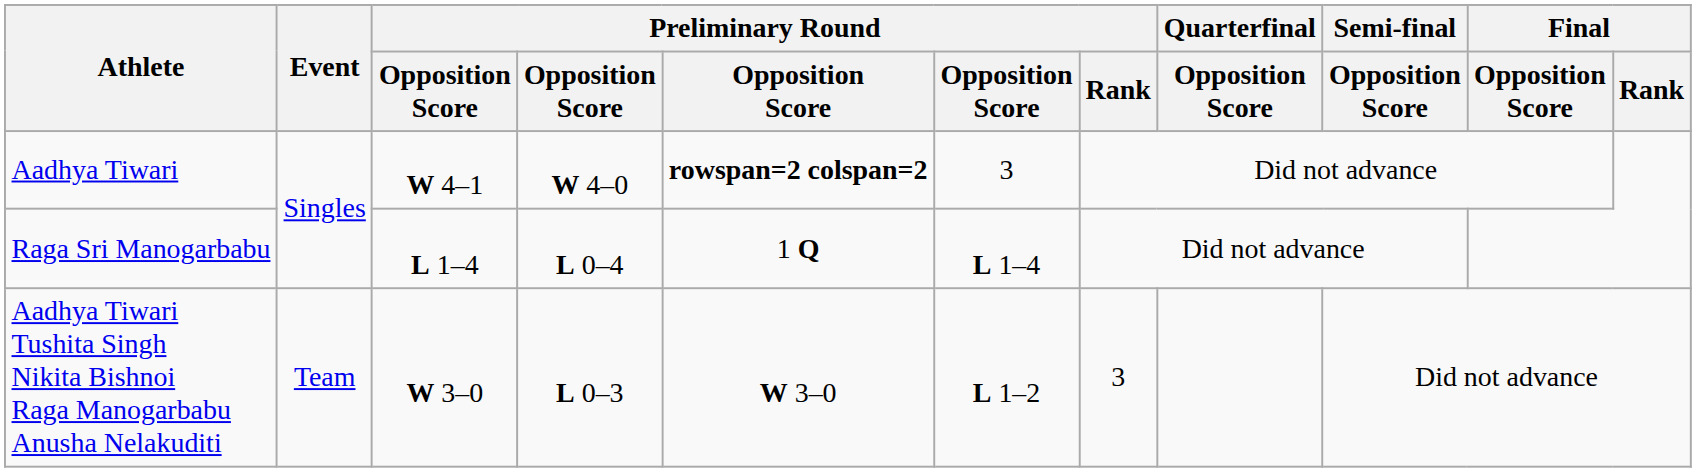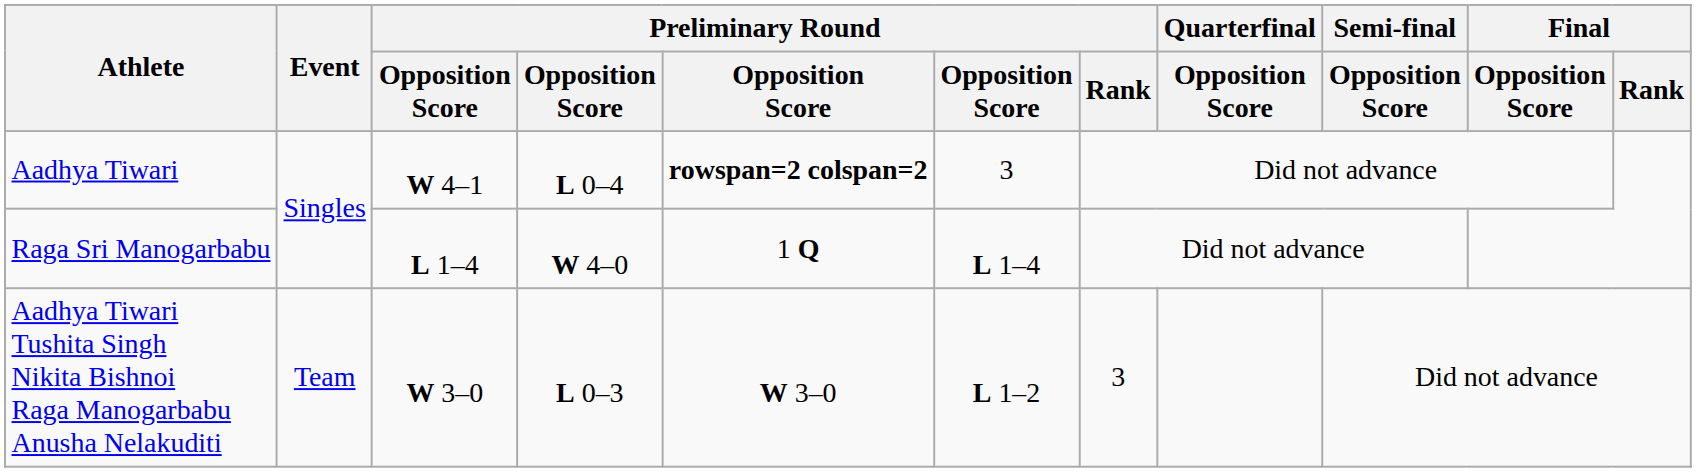 <table class=wikitable style=font-size:90%;text-align:center>
 <tr>
 <th rowspan="2">Athlete</th>
 <th rowspan="2">Event</th>
 <th colspan="5">Preliminary Round</th>
 <th>Quarterfinal</th>
 <th>Semi-final</th>
 <th colspan="2">Final</th>
 </tr>
 <tr>
 <th>Opposition<br>Score</th>
 <th>Opposition<br>Score</th>
 <th>Opposition<br>Score</th>
 <th>Opposition<br>Score</th>
 <th>Rank</th>
 <th>Opposition<br>Score</th>
 <th>Opposition<br>Score</th>
 <th>Opposition<br>Score</th>
 <th>Rank</th>
 </tr>
 <tr>
 <td align=left><a href='#'>Aadhya Tiwari</a></td>
 <td rowspan="2"><a href='#'>Singles</a></td>
 <td><br><strong>W</strong> 4–1</td>
-<td><br><strong>W</strong> 4–0</td>
+<td><br><strong>L</strong> 0–4</td>
 <td><strong>rowspan=2 colspan=2 </strong></td>
 <td>3</td>
 <td colspan="4">Did not advance</td>
 </tr>
 <tr>
 <td align=left><a href='#'>Raga Sri Manogarbabu</a></td>
 <td><br><strong>L</strong> 1–4</td>
-<td><br><strong>L</strong> 0–4</td>
+<td><br><strong>W</strong> 4–0</td>
 <td>1 <strong>Q</strong></td>
 <td><br><strong>L</strong> 1–4</td>
 <td colspan="3">Did not advance</td>
 </tr>
 <tr>
 <td align=left><a href='#'>Aadhya Tiwari</a><br><a href='#'>Tushita Singh</a><br><a href='#'>Nikita Bishnoi</a><br><a href='#'>Raga Manogarbabu</a><br><a href='#'>Anusha Nelakuditi</a></td>
 <td><a href='#'>Team</a></td>
 <td><br><strong>W</strong> 3–0</td>
 <td><br><strong>L</strong> 0–3</td>
 <td><br><strong>W</strong> 3–0</td>
 <td><br><strong>L</strong> 1–2</td>
 <td>3</td>
 <td></td>
 <td colspan="3">Did not advance</td>
 </tr>
 </table>
